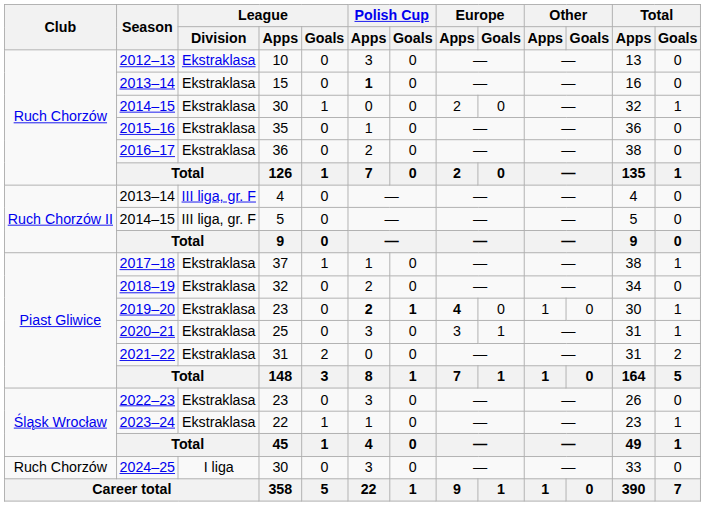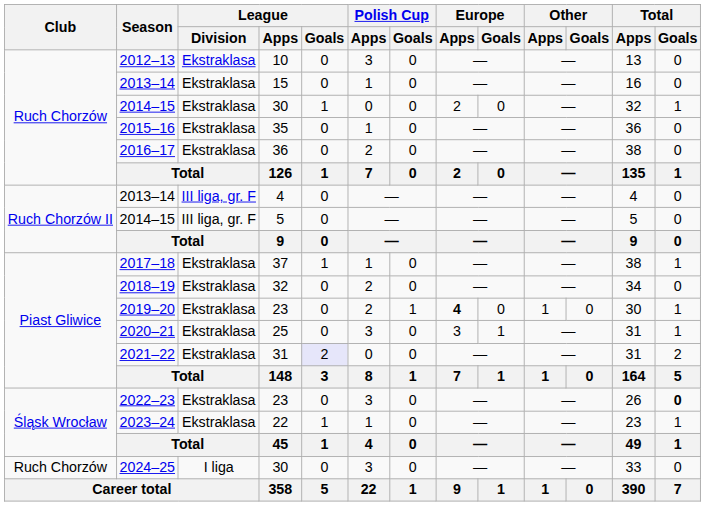 <table class="wikitable" style="text-align: center;">
 <tr>
 <th rowspan="2">Club</th>
 <th rowspan="2">Season</th>
 <th colspan="3">League</th>
 <th colspan="2"><a href='#'>Polish Cup</a></th>
 <th colspan="2">Europe</th>
 <th colspan="2">Other</th>
 <th colspan="2">Total</th>
 </tr>
 <tr>
 <th>Division</th>
 <th>Apps</th>
 <th>Goals</th>
 <th>Apps</th>
 <th>Goals</th>
 <th>Apps</th>
 <th>Goals</th>
 <th>Apps</th>
 <th>Goals</th>
 <th>Apps</th>
 <th>Goals</th>
 </tr>
 <tr>
 <td rowspan="6"><a href='#'>Ruch Chorzów</a></td>
 <td><a href='#'>2012–13</a></td>
 <td><a href='#'>Ekstraklasa</a></td>
 <td>10</td>
 <td>0</td>
 <td>3</td>
 <td>0</td>
 <td colspan="2">—</td>
 <td colspan="2">—</td>
 <td>13</td>
 <td>0</td>
 </tr>
 <tr>
 <td><a href='#'>2013–14</a></td>
 <td>Ekstraklasa</td>
 <td>15</td>
 <td>0</td>
-<td><strong>1</strong></td>
+<td>1</td>
 <td>0</td>
 <td colspan="2">—</td>
 <td colspan="2">—</td>
 <td>16</td>
 <td>0</td>
 </tr>
 <tr>
 <td><a href='#'>2014–15</a></td>
 <td>Ekstraklasa</td>
 <td>30</td>
 <td>1</td>
 <td>0</td>
 <td>0</td>
 <td>2</td>
 <td>0</td>
 <td colspan="2">—</td>
 <td>32</td>
 <td>1</td>
 </tr>
 <tr>
 <td><a href='#'>2015–16</a></td>
 <td>Ekstraklasa</td>
 <td>35</td>
 <td>0</td>
 <td>1</td>
 <td>0</td>
 <td colspan="2">—</td>
 <td colspan="2">—</td>
 <td>36</td>
 <td>0</td>
 </tr>
 <tr>
 <td><a href='#'>2016–17</a></td>
 <td>Ekstraklasa</td>
 <td>36</td>
 <td>0</td>
 <td>2</td>
 <td>0</td>
 <td colspan="2">—</td>
 <td colspan="2">—</td>
 <td>38</td>
 <td>0</td>
 </tr>
 <tr>
 <th colspan="2">Total</th>
 <th>126</th>
 <th>1</th>
 <th>7</th>
 <th>0</th>
 <th>2</th>
 <th>0</th>
 <th colspan="2">—</th>
 <th>135</th>
 <th>1</th>
 </tr>
 <tr>
 <td rowspan="3"><a href='#'>Ruch Chorzów II</a></td>
 <td>2013–14</td>
 <td><a href='#'>III liga, gr. F</a></td>
 <td>4</td>
 <td>0</td>
 <td colspan="2">—</td>
 <td colspan="2">—</td>
 <td colspan="2">—</td>
 <td>4</td>
 <td>0</td>
 </tr>
 <tr>
 <td>2014–15</td>
 <td>III liga, gr. F</td>
 <td>5</td>
 <td>0</td>
 <td colspan="2">—</td>
 <td colspan="2">—</td>
 <td colspan="2">—</td>
 <td>5</td>
 <td>0</td>
 </tr>
 <tr>
 <th colspan="2">Total</th>
 <th>9</th>
 <th>0</th>
 <th colspan="2">—</th>
 <th colspan="2">—</th>
 <th colspan="2">—</th>
 <th>9</th>
 <th>0</th>
 </tr>
 <tr>
 <td rowspan="6"><a href='#'>Piast Gliwice</a></td>
 <td><a href='#'>2017–18</a></td>
 <td>Ekstraklasa</td>
 <td>37</td>
 <td>1</td>
 <td>1</td>
 <td>0</td>
 <td colspan="2">—</td>
 <td colspan="2">—</td>
 <td>38</td>
 <td>1</td>
 </tr>
 <tr>
 <td><a href='#'>2018–19</a></td>
 <td>Ekstraklasa</td>
 <td>32</td>
 <td>0</td>
 <td>2</td>
 <td>0</td>
 <td colspan="2">—</td>
 <td colspan="2">—</td>
 <td>34</td>
 <td>0</td>
 </tr>
 <tr>
 <td><a href='#'>2019–20</a></td>
 <td>Ekstraklasa</td>
 <td>23</td>
 <td>0</td>
-<td><strong>2</strong></td>
-<td><strong>1</strong></td>
+<td>2</td>
+<td>1</td>
 <td><strong>4</strong></td>
 <td>0</td>
 <td>1</td>
 <td>0</td>
 <td>30</td>
 <td>1</td>
 </tr>
 <tr>
 <td><a href='#'>2020–21</a></td>
 <td>Ekstraklasa</td>
 <td>25</td>
 <td>0</td>
 <td>3</td>
 <td>0</td>
 <td>3</td>
 <td>1</td>
 <td colspan="2">—</td>
 <td>31</td>
 <td>1</td>
 </tr>
 <tr>
 <td><a href='#'>2021–22</a></td>
 <td>Ekstraklasa</td>
 <td>31</td>
-<td>2</td>
+<td style="background: lavender;">2</td>
 <td>0</td>
 <td>0</td>
 <td colspan="2">—</td>
 <td colspan="2">—</td>
 <td>31</td>
 <td>2</td>
 </tr>
 <tr>
 <th colspan="2">Total</th>
 <th>148</th>
 <th>3</th>
 <th>8</th>
 <th>1</th>
 <th>7</th>
 <th>1</th>
 <th>1</th>
 <th>0</th>
 <th>164</th>
 <th>5</th>
 </tr>
 <tr>
 <td rowspan="3"><a href='#'>Śląsk Wrocław</a></td>
 <td><a href='#'>2022–23</a></td>
 <td>Ekstraklasa</td>
 <td>23</td>
 <td>0</td>
 <td>3</td>
 <td>0</td>
 <td colspan="2">—</td>
 <td colspan="2">—</td>
 <td>26</td>
-<td>0</td>
+<td><strong>0</strong></td>
 </tr>
 <tr>
 <td><a href='#'>2023–24</a></td>
 <td>Ekstraklasa</td>
 <td>22</td>
 <td>1</td>
 <td>1</td>
 <td>0</td>
 <td colspan="2">—</td>
 <td colspan="2">—</td>
 <td>23</td>
 <td>1</td>
 </tr>
 <tr>
 <th colspan="2">Total</th>
 <th>45</th>
 <th>1</th>
 <th>4</th>
 <th>0</th>
 <th colspan="2">—</th>
 <th colspan="2">—</th>
 <th>49</th>
 <th>1</th>
 </tr>
 <tr>
 <td>Ruch Chorzów</td>
 <td><a href='#'>2024–25</a></td>
 <td>I liga</td>
 <td>30</td>
 <td>0</td>
 <td>3</td>
 <td>0</td>
 <td colspan="2">—</td>
 <td colspan="2">—</td>
 <td>33</td>
 <td>0</td>
 </tr>
 <tr>
 <th colspan="3">Career total</th>
 <th>358</th>
 <th>5</th>
 <th>22</th>
 <th>1</th>
 <th>9</th>
 <th>1</th>
 <th>1</th>
 <th>0</th>
 <th>390</th>
 <th>7</th>
 </tr>
 </table>
